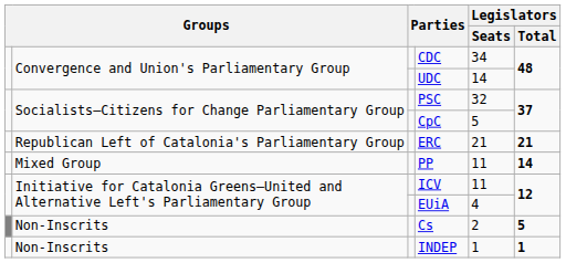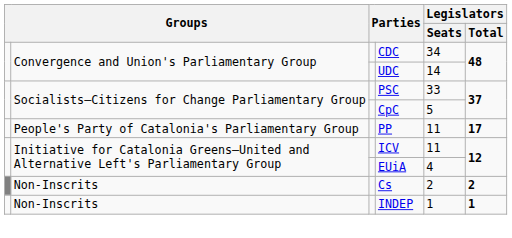 <table class="wikitable" style="text-align:left;">
 <tr>
 <th rowspan="2" colspan="2">Groups</th>
 <th rowspan="2" colspan="2">Parties</th>
 <th colspan="2">Legislators</th>
 </tr>
 <tr>
 <th>Seats</th>
 <th>Total</th>
 </tr>
 <tr>
 <td width="1" rowspan="2"></td>
 <td rowspan="2">Convergence and Union's Parliamentary Group</td>
 <td width="1" style="color:inherit;background:"></td>
 <td align="left"><a href='#'>CDC</a></td>
 <td>34</td>
 <td rowspan="2"><strong>48</strong></td>
 </tr>
 <tr>
 <td style="color:inherit;background:"></td>
 <td align="left"><a href='#'>UDC</a></td>
 <td>14</td>
 </tr>
 <tr>
 <td rowspan="2" style="color:inherit;background:"></td>
 <td rowspan="2">Socialists–Citizens for Change Parliamentary Group</td>
 <td style="color:inherit;background:"></td>
 <td align="left"><a href='#'>PSC</a></td>
-<td>32</td>
+<td>33</td>
 <td rowspan="2"><strong>37</strong></td>
 </tr>
 <tr>
 <td style="color:inherit;background:"></td>
 <td align="left"><a href='#'>CpC</a></td>
 <td>5</td>
 </tr>
 <tr>
 <td style="color:inherit;background:"></td>
-<td>Republican Left of Catalonia's Parliamentary Group</td>
-<td style="color:inherit;background:"></td>
-<td align="left"><a href='#'>ERC</a></td>
-<td>21</td>
-<td><strong>21</strong></td>
-</tr>
-<tr>
-<td style="color:inherit;background:"></td>
-<td>Mixed Group</td>
+<td>People's Party of Catalonia's Parliamentary Group</td>
 <td style="color:inherit;background:"></td>
 <td align="left"><a href='#'>PP</a></td>
 <td>11</td>
-<td><strong>14</strong></td>
+<td><strong>17</strong></td>
 </tr>
 <tr>
 <td rowspan="2" style="color:inherit;background:"></td>
 <td rowspan="2">Initiative for Catalonia Greens–United and<br>Alternative Left's Parliamentary Group</td>
 <td style="color:inherit;background:"></td>
 <td align="left"><a href='#'>ICV</a></td>
 <td>11</td>
 <td rowspan="2"><strong>12</strong></td>
 </tr>
 <tr>
 <td style="color:inherit;background:"></td>
 <td align="left"><a href='#'>EUiA</a></td>
 <td>4</td>
 </tr>
 <tr>
 <td bgcolor="gray"></td>
 <td>Non-Inscrits</td>
 <td style="color:inherit;background:"></td>
 <td align="left"><a href='#'>Cs</a></td>
 <td>2</td>
-<td><strong>5</strong></td>
+<td><strong>2</strong></td>
 </tr>
 <tr>
 <td style="color:inherit;background:"></td>
 <td>Non-Inscrits</td>
 <td style="color:inherit;background:"></td>
 <td align="left"><a href='#'>INDEP</a></td>
 <td>1</td>
 <td><strong>1</strong></td>
 </tr>
 </table>
